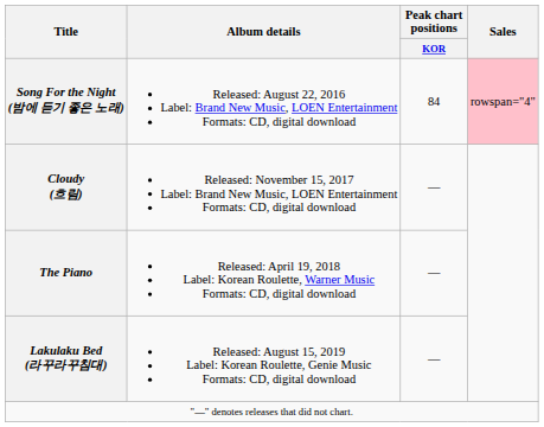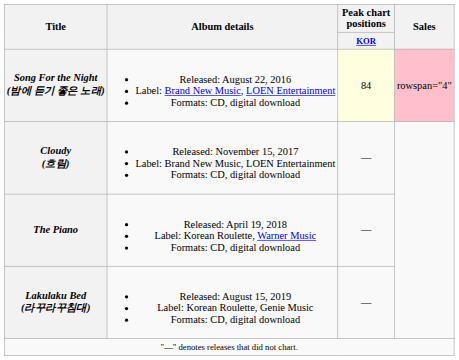 <table class="wikitable plainrowheaders" style="text-align:center;">
 <tr>
 <th scope="col" rowspan="2">Title</th>
 <th scope="col" rowspan="2">Album details</th>
 <th scope="col" colspan="1" style="width:5em;">Peak chart positions</th>
 <th scope="col" rowspan="2">Sales</th>
 </tr>
 <tr>
 <th><small><a href='#'>KOR</a></small><br></th>
 </tr>
 <tr>
 <th scope="row"><em>Song For the Night<br>(밤에 듣기 좋은 노래)</em></th>
 <td><br><ul><li>Released: August 22, 2016</li><li>Label: <a href='#'>Brand New Music</a>, <a href='#'>LOEN Entertainment</a></li><li>Formats: CD, digital download</li></ul></td>
-<td>84</td>
+<td style="background: lightyellow;">84</td>
 <td style="background: pink;">rowspan="4" </td>
 </tr>
 <tr>
 <th scope="row"><em>Cloudy<br>(흐림)</em></th>
 <td><br><ul><li>Released: November 15, 2017</li><li>Label: Brand New Music, LOEN Entertainment</li><li>Formats: CD, digital download</li></ul></td>
 <td>—</td>
 </tr>
 <tr>
 <th scope="row"><em>The Piano</em></th>
 <td><br><ul><li>Released: April 19, 2018</li><li>Label: Korean Roulette, <a href='#'>Warner Music</a></li><li>Formats: CD, digital download</li></ul></td>
 <td>—</td>
 </tr>
 <tr>
 <th scope="row"><em>Lakulaku Bed<br>(라꾸라꾸침대)</em></th>
 <td><br><ul><li>Released: August 15, 2019</li><li>Label: Korean Roulette, Genie Music</li><li>Formats: CD, digital download</li></ul></td>
 <td>—</td>
 </tr>
 <tr>
 <td colspan="4" align="center"><small>"—" denotes releases that did not chart.</small></td>
 </tr>
 </table>
